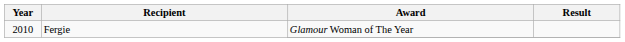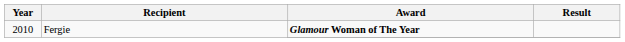 <table style="width: 75%;" class="wikitable">
 <tr>
 <th style="width:6%;">Year</th>
 <th style="width:40%;">Recipient</th>
 <th style="width:40%;">Award</th>
 <th style="width:14%;">Result</th>
 </tr>
 <tr>
 <td rowspan="2" style="text-align:center;">2010</td>
 <td rowspan="2" style="text-align:left;">Fergie</td>
-<td><em>Glamour</em> Woman of The Year</td>
+<td><strong><em>Glamour</em> Woman of The Year</strong></td>
 <td></td>
 </tr>
 <tr>
 </tr>
 </table>
